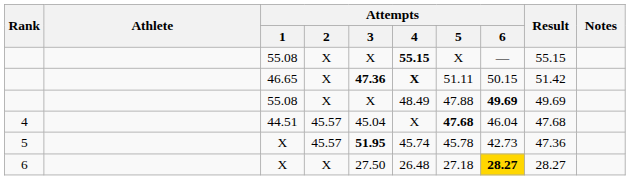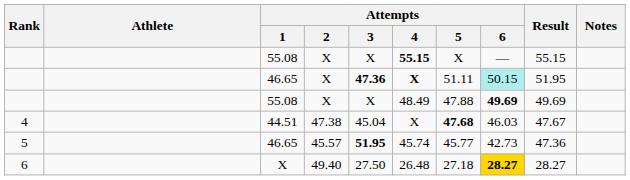 <table class="wikitable" style="text-align:center">
 <tr>
 <th rowspan="2" style="width:40px;">Rank</th>
 <th rowspan="2" style="width:250px;">Athlete</th>
 <th colspan=6>Attempts</th>
 <th rowspan="2" style="width:55px;">Result</th>
 <th rowspan="2" style="width:50px;">Notes</th>
 </tr>
 <tr>
 <th width=45>1</th>
 <th width=45>2</th>
 <th width=45>3</th>
 <th width=45>4</th>
 <th width=45>5</th>
 <th width=45>6</th>
 </tr>
 <tr>
 <td></td>
 <td align=left></td>
 <td>55.08</td>
 <td>X</td>
 <td>X</td>
 <td><strong>55.15</strong></td>
 <td>X</td>
 <td>—</td>
 <td>55.15</td>
 <td></td>
 </tr>
 <tr>
 <td></td>
 <td align=left></td>
 <td>46.65</td>
 <td>X</td>
 <td><strong>47.36</strong></td>
 <td><strong>X</strong></td>
 <td>51.11</td>
-<td>50.15</td>
-<td>51.42</td>
+<td style="background: paleturquoise;">50.15</td>
+<td>51.95</td>
 <td></td>
 </tr>
 <tr>
 <td></td>
 <td align=left></td>
 <td>55.08</td>
 <td>X</td>
 <td>X</td>
 <td>48.49</td>
 <td>47.88</td>
 <td><strong>49.69</strong></td>
 <td>49.69</td>
 <td></td>
 </tr>
 <tr>
 <td>4</td>
 <td align=left></td>
 <td>44.51</td>
-<td>45.57</td>
+<td>47.38</td>
 <td>45.04</td>
 <td>X</td>
 <td><strong>47.68</strong></td>
-<td>46.04</td>
-<td>47.68</td>
+<td>46.03</td>
+<td>47.67</td>
 <td></td>
 </tr>
 <tr>
 <td>5</td>
 <td align=left></td>
-<td>X</td>
+<td>46.65</td>
 <td>45.57</td>
 <td><strong>51.95</strong></td>
 <td>45.74</td>
-<td>45.78</td>
+<td>45.77</td>
 <td>42.73</td>
 <td>47.36</td>
 <td></td>
 </tr>
 <tr>
 <td>6</td>
 <td align=left></td>
 <td>X</td>
-<td>X</td>
+<td>49.40</td>
 <td>27.50</td>
 <td>26.48</td>
 <td>27.18</td>
 <td style="background: gold;"><strong>28.27</strong></td>
 <td>28.27</td>
 <td></td>
 </tr>
 </table>
